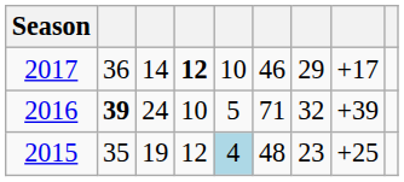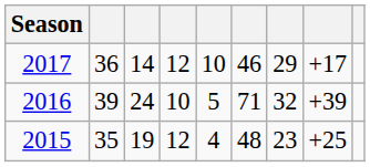 <table class="wikitable" style="text-align:center;">
 <tr>
 <th>Season</th>
 <th></th>
 <th></th>
 <th></th>
 <th></th>
 <th></th>
 <th></th>
 <th></th>
 <th></th>
 </tr>
 <tr>
 <td><a href='#'>2017</a></td>
 <td>36</td>
 <td>14</td>
-<td><strong>12</strong></td>
+<td>12</td>
 <td>10</td>
 <td>46</td>
 <td>29</td>
 <td>+17</td>
 <td></td>
 </tr>
 <tr>
 <td><a href='#'>2016</a></td>
-<td><strong>39</strong></td>
+<td>39</td>
 <td>24</td>
 <td>10</td>
 <td>5</td>
 <td>71</td>
 <td>32</td>
 <td>+39</td>
 <td></td>
 </tr>
 <tr>
 <td><a href='#'>2015</a></td>
 <td>35</td>
 <td>19</td>
 <td>12</td>
-<td style="background: lightblue;">4</td>
+<td>4</td>
 <td>48</td>
 <td>23</td>
 <td>+25</td>
 <td></td>
 </tr>
 </table>
